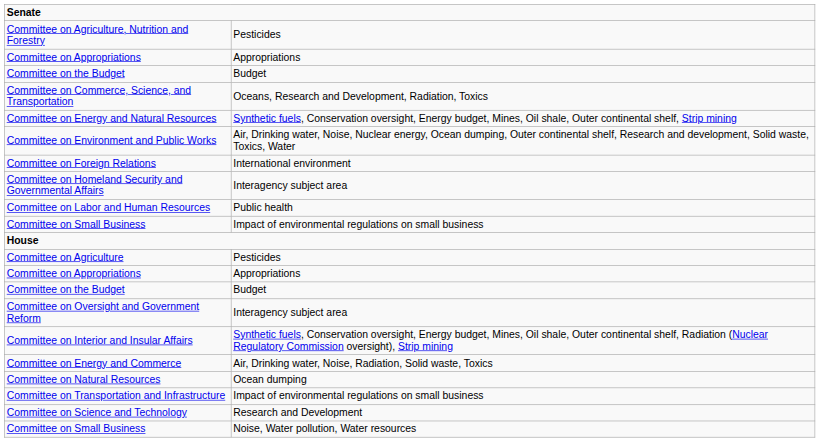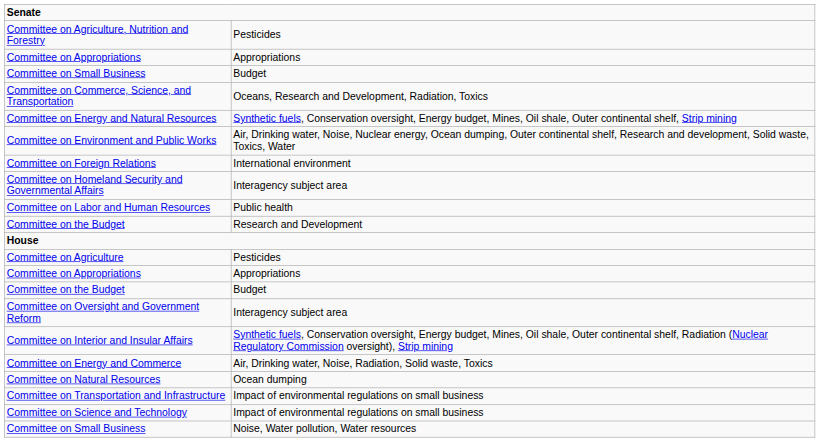 <table class="wikitable sortable">
 <tr>
 <td colspan="2"><strong>Senate</strong></td>
 </tr>
 <tr>
 <td><a href='#'>Committee on Agriculture, Nutrition and Forestry</a></td>
 <td>Pesticides</td>
 </tr>
 <tr>
 <td><a href='#'>Committee on Appropriations</a></td>
 <td>Appropriations</td>
 </tr>
 <tr>
-<td><a href='#'>Committee on the Budget</a></td>
+<td><a href='#'>Committee on Small Business</a></td>
 <td>Budget</td>
 </tr>
 <tr>
 <td><a href='#'>Committee on Commerce, Science, and Transportation</a></td>
 <td>Oceans, Research and Development, Radiation, Toxics</td>
 </tr>
 <tr>
 <td><a href='#'>Committee on Energy and Natural Resources</a></td>
 <td><a href='#'>Synthetic fuels</a>, Conservation oversight, Energy budget, Mines, Oil shale, Outer continental shelf, <a href='#'>Strip mining</a></td>
 </tr>
 <tr>
 <td><a href='#'>Committee on Environment and Public Works</a></td>
 <td>Air, Drinking water, Noise, Nuclear energy, Ocean dumping, Outer continental shelf, Research and development, Solid waste, Toxics, Water</td>
 </tr>
 <tr>
 <td><a href='#'>Committee on Foreign Relations</a></td>
 <td>International environment</td>
 </tr>
 <tr>
 <td><a href='#'>Committee on Homeland Security and Governmental Affairs</a></td>
 <td>Interagency subject area</td>
 </tr>
 <tr>
 <td><a href='#'>Committee on Labor and Human Resources</a></td>
 <td>Public health</td>
 </tr>
 <tr>
-<td><a href='#'>Committee on Small Business</a></td>
-<td>Impact of environmental regulations on small business</td>
+<td><a href='#'>Committee on the Budget</a></td>
+<td>Research and Development</td>
 </tr>
 <tr>
 <td colspan="2"><strong>House</strong></td>
 </tr>
 <tr>
 <td><a href='#'>Committee on Agriculture</a></td>
 <td>Pesticides</td>
 </tr>
 <tr>
 <td><a href='#'>Committee on Appropriations</a></td>
 <td>Appropriations</td>
 </tr>
 <tr>
 <td><a href='#'>Committee on the Budget</a></td>
 <td>Budget</td>
 </tr>
 <tr>
 <td><a href='#'>Committee on Oversight and Government Reform</a></td>
 <td>Interagency subject area</td>
 </tr>
 <tr>
 <td><a href='#'>Committee on Interior and Insular Affairs</a></td>
 <td><a href='#'>Synthetic fuels</a>, Conservation oversight, Energy budget, Mines, Oil shale, Outer continental shelf, Radiation (<a href='#'>Nuclear Regulatory Commission</a> oversight), <a href='#'>Strip mining</a></td>
 </tr>
 <tr>
 <td><a href='#'>Committee on Energy and Commerce</a></td>
 <td>Air, Drinking water, Noise, Radiation, Solid waste, Toxics</td>
 </tr>
 <tr>
 <td><a href='#'>Committee on Natural Resources</a></td>
 <td>Ocean dumping</td>
 </tr>
 <tr>
 <td><a href='#'>Committee on Transportation and Infrastructure</a></td>
 <td>Impact of environmental regulations on small business</td>
 </tr>
 <tr>
 <td><a href='#'>Committee on Science and Technology</a></td>
-<td>Research and Development</td>
+<td>Impact of environmental regulations on small business</td>
 </tr>
 <tr>
 <td><a href='#'>Committee on Small Business</a></td>
 <td>Noise, Water pollution, Water resources</td>
 </tr>
 </table>
